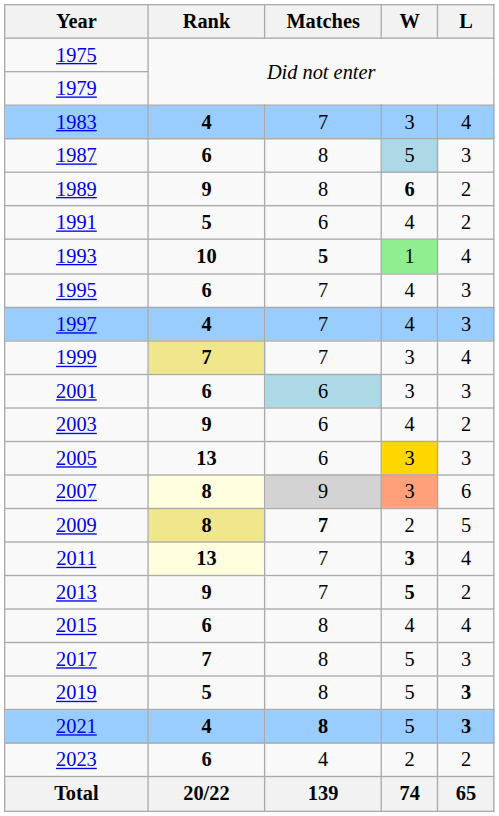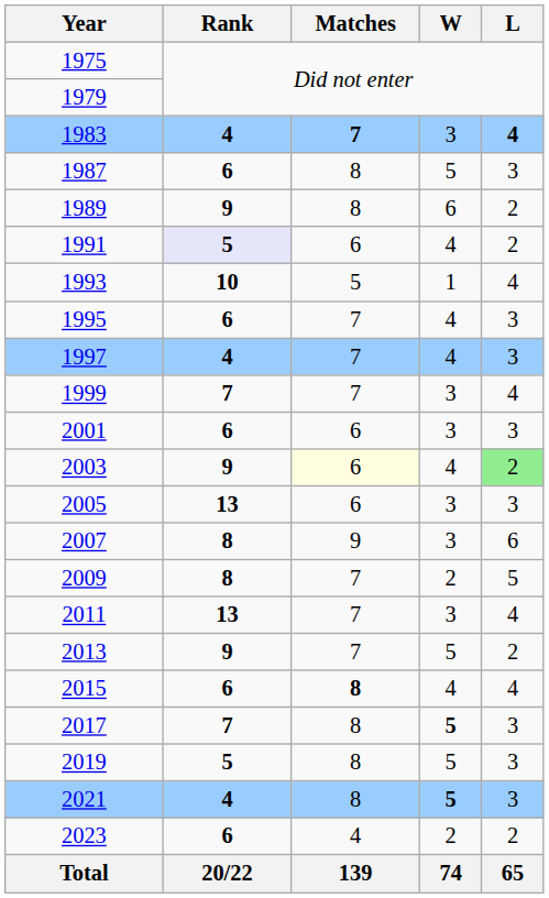 <table class="wikitable" style="text-align: center;font-size:95%;">
 <tr>
 <th width=100>Year</th>
 <th width=80>Rank</th>
 <th width=80>Matches</th>
 <th width=35>W</th>
 <th width=35>L</th>
 </tr>
 <tr>
 <td> <a href='#'> 1975</a></td>
 <td rowspan = 2 colspan = 4><em>Did not enter</em></td>
 </tr>
 <tr>
 <td> <a href='#'> 1979</a></td>
 </tr>
 <tr bgcolor=#9acdff>
 <td> <a href='#'> 1983</a></td>
 <td><strong>4</strong></td>
-<td>7</td>
+<td><strong>7</strong></td>
 <td>3</td>
-<td>4</td>
+<td><strong>4</strong></td>
 </tr>
 <tr>
 <td> <a href='#'> 1987</a></td>
 <td><strong>6</strong></td>
 <td>8</td>
-<td style="background: lightblue;">5</td>
+<td>5</td>
 <td>3</td>
 </tr>
 <tr>
 <td> <a href='#'> 1989</a></td>
 <td><strong>9</strong></td>
 <td>8</td>
-<td><strong>6</strong></td>
+<td>6</td>
 <td>2</td>
 </tr>
 <tr>
 <td> <a href='#'> 1991</a></td>
-<td><strong>5</strong></td>
+<td style="background: lavender;"><strong>5</strong></td>
 <td>6</td>
 <td>4</td>
 <td>2</td>
 </tr>
 <tr>
 <td> <a href='#'> 1993</a></td>
 <td><strong>10</strong></td>
-<td><strong>5</strong></td>
-<td style="background: lightgreen;">1</td>
+<td>5</td>
+<td>1</td>
 <td>4</td>
 </tr>
 <tr>
 <td> <a href='#'> 1995</a></td>
 <td><strong>6</strong></td>
 <td>7</td>
 <td>4</td>
 <td>3</td>
 </tr>
 <tr bgcolor=#9acdff>
 <td> <a href='#'> 1997</a></td>
 <td><strong>4</strong></td>
 <td>7</td>
 <td>4</td>
 <td>3</td>
 </tr>
 <tr>
 <td> <a href='#'> 1999</a></td>
-<td style="background: khaki;"><strong>7</strong></td>
+<td><strong>7</strong></td>
 <td>7</td>
 <td>3</td>
 <td>4</td>
 </tr>
 <tr>
 <td> <a href='#'> 2001</a></td>
 <td><strong>6</strong></td>
-<td style="background: lightblue;">6</td>
+<td>6</td>
 <td>3</td>
 <td>3</td>
 </tr>
 <tr>
 <td> <a href='#'> 2003</a></td>
 <td><strong>9</strong></td>
-<td>6</td>
+<td style="background: lightyellow;">6</td>
 <td>4</td>
-<td>2</td>
+<td style="background: lightgreen;">2</td>
 </tr>
 <tr>
 <td> <a href='#'> 2005</a></td>
 <td><strong>13</strong></td>
 <td>6</td>
-<td style="background: gold;">3</td>
+<td>3</td>
 <td>3</td>
 </tr>
 <tr>
 <td> <a href='#'> 2007</a></td>
-<td style="background: lightyellow;"><strong>8</strong></td>
-<td style="background: lightgrey;">9</td>
-<td style="background: lightsalmon;">3</td>
+<td><strong>8</strong></td>
+<td>9</td>
+<td>3</td>
 <td>6</td>
 </tr>
 <tr>
 <td> <a href='#'> 2009</a></td>
-<td style="background: khaki;"><strong>8</strong></td>
-<td><strong>7</strong></td>
+<td><strong>8</strong></td>
+<td>7</td>
 <td>2</td>
 <td>5</td>
 </tr>
 <tr>
 <td> <a href='#'> 2011</a></td>
-<td style="background: lightyellow;"><strong>13</strong></td>
+<td><strong>13</strong></td>
 <td>7</td>
-<td><strong>3</strong></td>
+<td>3</td>
 <td>4</td>
 </tr>
 <tr>
 <td> <a href='#'> 2013</a></td>
 <td><strong>9</strong></td>
 <td>7</td>
-<td><strong>5</strong></td>
+<td>5</td>
 <td>2</td>
 </tr>
 <tr>
 <td> <a href='#'> 2015</a></td>
 <td><strong>6</strong></td>
-<td>8</td>
+<td><strong>8</strong></td>
 <td>4</td>
 <td>4</td>
 </tr>
 <tr>
 <td> <a href='#'> 2017</a></td>
 <td><strong>7</strong></td>
 <td>8</td>
-<td>5</td>
+<td><strong>5</strong></td>
 <td>3</td>
 </tr>
 <tr>
 <td> <a href='#'> 2019</a></td>
 <td><strong>5</strong></td>
 <td>8</td>
 <td>5</td>
-<td><strong>3</strong></td>
+<td>3</td>
 </tr>
 <tr bgcolor=#9acdff>
 <td> <a href='#'> 2021</a></td>
 <td><strong>4</strong></td>
-<td><strong>8</strong></td>
-<td>5</td>
-<td><strong>3</strong></td>
+<td>8</td>
+<td><strong>5</strong></td>
+<td>3</td>
 </tr>
 <tr>
 <td> <a href='#'> 2023</a></td>
 <td><strong>6</strong></td>
 <td>4</td>
 <td>2</td>
 <td>2</td>
 </tr>
 <tr>
 <th>Total</th>
 <th>20/22</th>
 <th>139</th>
 <th>74</th>
 <th>65</th>
 </tr>
 </table>
